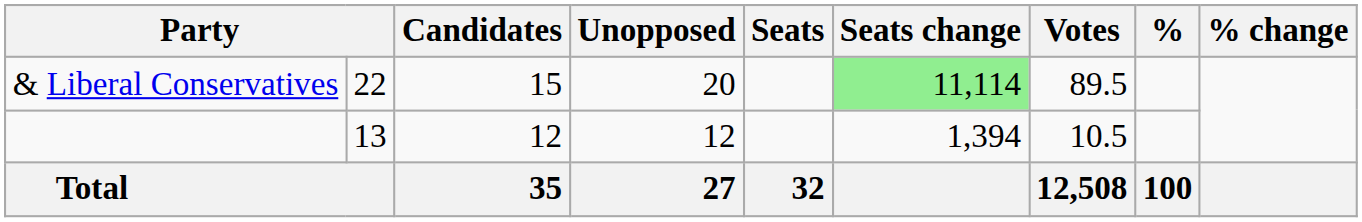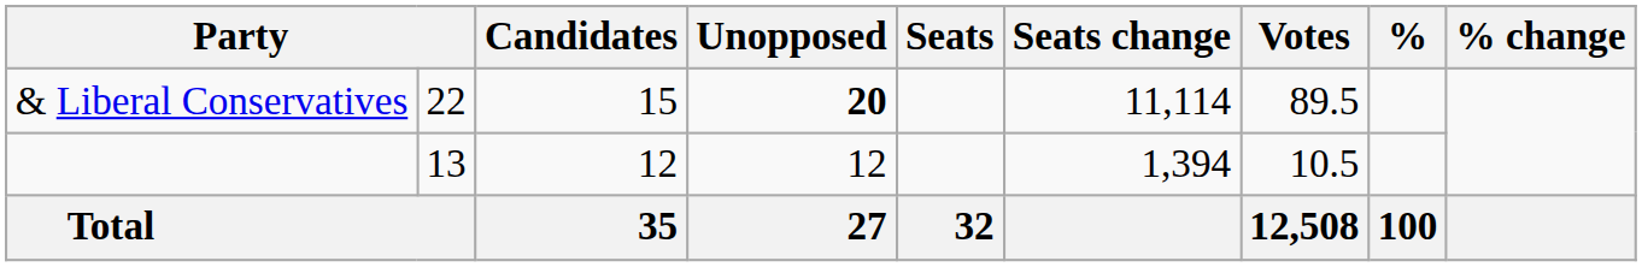 <table class="wikitable sortable">
 <tr>
 <th colspan=2>Party</th>
 <th>Candidates</th>
 <th>Unopposed</th>
 <th>Seats</th>
 <th>Seats change</th>
 <th>Votes</th>
 <th>%</th>
 <th>% change</th>
 </tr>
 <tr>
 <td> & <a href='#'>Liberal Conservatives</a></td>
 <td align=right>22</td>
 <td align=right>15</td>
-<td align=right>20</td>
+<td align=right><strong>20</strong></td>
 <td align=right></td>
-<td align=right style="background: lightgreen;">11,114</td>
+<td align=right>11,114</td>
 <td align=right>89.5</td>
 <td align=right></td>
 </tr>
 <tr>
 <td></td>
 <td align=right>13</td>
 <td align=right>12</td>
 <td align=right>12</td>
 <td align=right></td>
 <td align=right>1,394</td>
 <td align=right>10.5</td>
 <td align=right></td>
 </tr>
 <tr class="sortbottom" style="font-weight: bold; text-align: right; background: #f2f2f2;">
 <th colspan="2" style="padding-left: 1.5em; text-align: left;">Total</th>
 <td align=right>35</td>
 <td align=right>27</td>
 <td align=right>32</td>
 <td align=right></td>
 <td align=right>12,508</td>
 <td align=right>100</td>
 <td align=right></td>
 </tr>
 </table>
